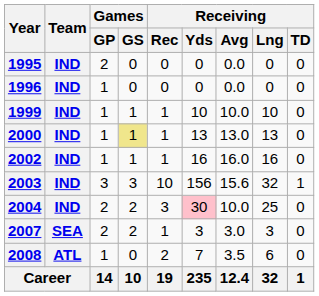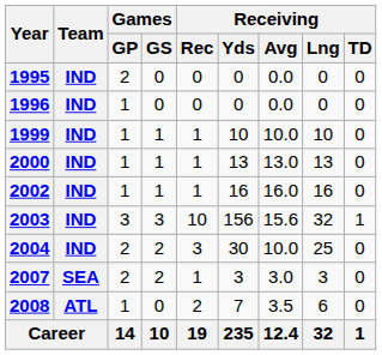 <table class="wikitable" style="text-align: center;">
 <tr>
 <th rowspan="2">Year</th>
 <th rowspan="2">Team</th>
 <th colspan="2">Games</th>
 <th colspan="5">Receiving</th>
 </tr>
 <tr>
 <th>GP</th>
 <th>GS</th>
 <th>Rec</th>
 <th>Yds</th>
 <th>Avg</th>
 <th>Lng</th>
 <th>TD</th>
 </tr>
 <tr>
 <th><a href='#'>1995</a></th>
 <th><a href='#'>IND</a></th>
 <td>2</td>
 <td>0</td>
 <td>0</td>
 <td>0</td>
 <td>0.0</td>
 <td>0</td>
 <td>0</td>
 </tr>
 <tr>
 <th><a href='#'>1996</a></th>
 <th><a href='#'>IND</a></th>
 <td>1</td>
 <td>0</td>
 <td>0</td>
 <td>0</td>
 <td>0.0</td>
 <td>0</td>
 <td>0</td>
 </tr>
 <tr>
 <th><a href='#'>1999</a></th>
 <th><a href='#'>IND</a></th>
 <td>1</td>
 <td>1</td>
 <td>1</td>
 <td>10</td>
 <td>10.0</td>
 <td>10</td>
 <td>0</td>
 </tr>
 <tr>
 <th><a href='#'>2000</a></th>
 <th><a href='#'>IND</a></th>
 <td>1</td>
-<td style="background: khaki;">1</td>
+<td>1</td>
 <td>1</td>
 <td>13</td>
 <td>13.0</td>
 <td>13</td>
 <td>0</td>
 </tr>
 <tr>
 <th><a href='#'>2002</a></th>
 <th><a href='#'>IND</a></th>
 <td>1</td>
 <td>1</td>
 <td>1</td>
 <td>16</td>
 <td>16.0</td>
 <td>16</td>
 <td>0</td>
 </tr>
 <tr>
 <th><a href='#'>2003</a></th>
 <th><a href='#'>IND</a></th>
 <td>3</td>
 <td>3</td>
 <td>10</td>
 <td>156</td>
 <td>15.6</td>
 <td>32</td>
 <td>1</td>
 </tr>
 <tr>
 <th><a href='#'>2004</a></th>
 <th><a href='#'>IND</a></th>
 <td>2</td>
 <td>2</td>
 <td>3</td>
-<td style="background: pink;">30</td>
+<td>30</td>
 <td>10.0</td>
 <td>25</td>
 <td>0</td>
 </tr>
 <tr>
 <th><a href='#'>2007</a></th>
 <th><a href='#'>SEA</a></th>
 <td>2</td>
 <td>2</td>
 <td>1</td>
 <td>3</td>
 <td>3.0</td>
 <td>3</td>
 <td>0</td>
 </tr>
 <tr>
 <th><a href='#'>2008</a></th>
 <th><a href='#'>ATL</a></th>
 <td>1</td>
 <td>0</td>
 <td>2</td>
 <td>7</td>
 <td>3.5</td>
 <td>6</td>
 <td>0</td>
 </tr>
 <tr>
 <th colspan="2">Career</th>
 <th>14</th>
 <th>10</th>
 <th>19</th>
 <th>235</th>
 <th>12.4</th>
 <th>32</th>
 <th>1</th>
 </tr>
 </table>
